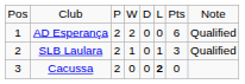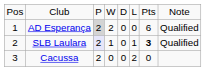 <table class="wikitable" style="text-align: center;">
 <tr>
 <td>Pos</td>
 <td>Club</td>
 <td>P</td>
 <td>W</td>
 <td>D</td>
 <td>L</td>
 <td>Pts</td>
 <td>Note</td>
 </tr>
 <tr>
 <td>1</td>
 <td><a href='#'>AD Esperança</a></td>
-<td>2</td>
+<td style="background: lightgrey;">2</td>
 <td>2</td>
 <td>0</td>
 <td>0</td>
 <td>6</td>
 <td>Qualified</td>
 </tr>
 <tr>
 <td>2</td>
 <td><a href='#'>SLB Laulara</a></td>
-<td>2</td>
+<td style="background: lavender;">2</td>
 <td>1</td>
 <td>0</td>
 <td>1</td>
-<td>3</td>
+<td><strong>3</strong></td>
 <td>Qualified</td>
 </tr>
 <tr>
 <td>3</td>
 <td><a href='#'>Cacussa</a></td>
 <td>2</td>
 <td>0</td>
 <td>0</td>
-<td><strong>2</strong></td>
+<td>2</td>
 <td>0</td>
 <td></td>
 </tr>
 </table>
